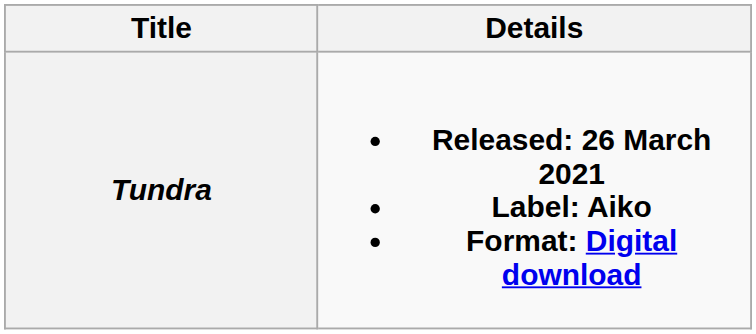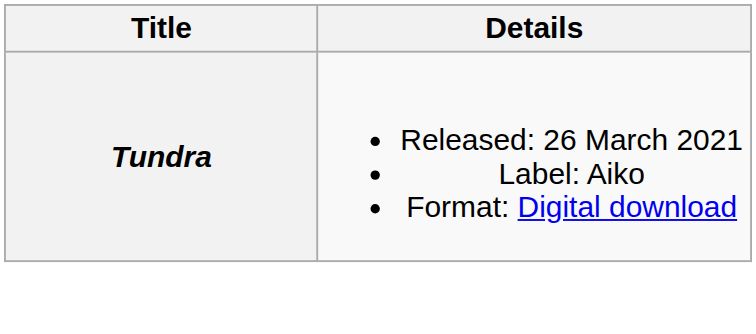 <table class="wikitable plainrowheaders" style="text-align:center;">
 <tr>
 <th scope="col" style="width:10em;">Title</th>
 <th scope="col" style="width:14em;">Details</th>
 </tr>
 <tr>
 <th scope="row"><em>Tundra</em></th>
-<td><strong><br><ul><li>Released: 26 March 2021</li><li>Label: Aiko</li><li>Format: <a href='#'>Digital download</a></li></ul></strong></td>
+<td><br><ul><li>Released: 26 March 2021</li><li>Label: Aiko</li><li>Format: <a href='#'>Digital download</a></li></ul></td>
 </tr>
 </table>
